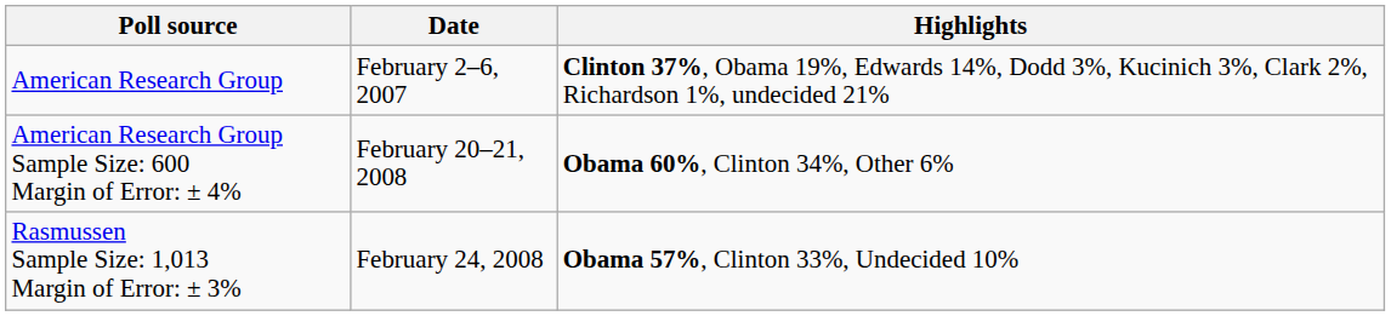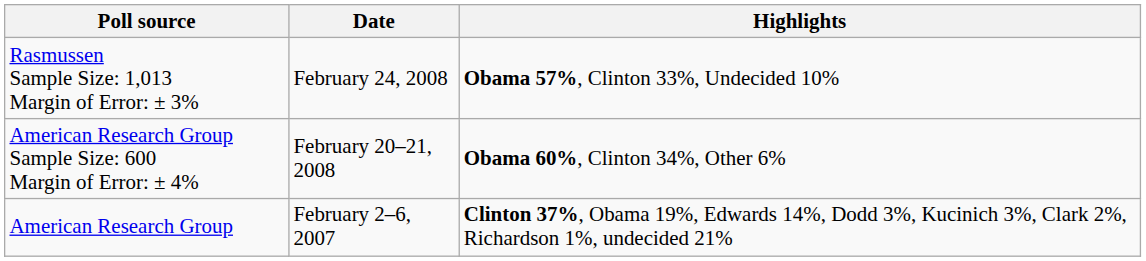 <table class="wikitable sortable">
 <tr>
 <th width="25%">Poll source</th>
 <th width="15%">Date</th>
 <th width="60%">Highlights</th>
 </tr>
 <tr>
-<td><a href='#'>American Research Group</a></td>
-<td>February 2–6, 2007</td>
-<td><strong>Clinton 37%</strong>, Obama 19%, Edwards 14%, Dodd 3%, Kucinich 3%, Clark 2%, Richardson 1%, undecided 21%</td>
+<td><a href='#'>Rasmussen</a><br>Sample Size: 1,013<br> Margin of Error: ± 3%</td>
+<td>February 24, 2008</td>
+<td><strong>Obama 57%</strong>, Clinton 33%, Undecided 10%</td>
 </tr>
 <tr>
 <td><a href='#'>American Research Group</a><br>Sample Size: 600<br> Margin of Error: ± 4%</td>
 <td>February 20–21, 2008</td>
 <td><strong>Obama 60%</strong>, Clinton 34%, Other 6%</td>
 </tr>
 <tr>
-<td><a href='#'>Rasmussen</a><br>Sample Size: 1,013<br> Margin of Error: ± 3%</td>
-<td>February 24, 2008</td>
-<td><strong>Obama 57%</strong>, Clinton 33%, Undecided 10%</td>
+<td><a href='#'>American Research Group</a></td>
+<td>February 2–6, 2007</td>
+<td><strong>Clinton 37%</strong>, Obama 19%, Edwards 14%, Dodd 3%, Kucinich 3%, Clark 2%, Richardson 1%, undecided 21%</td>
 </tr>
 </table>
